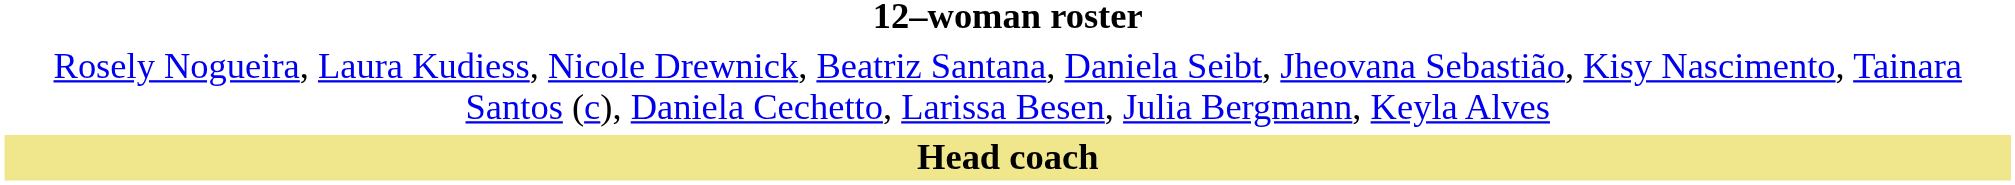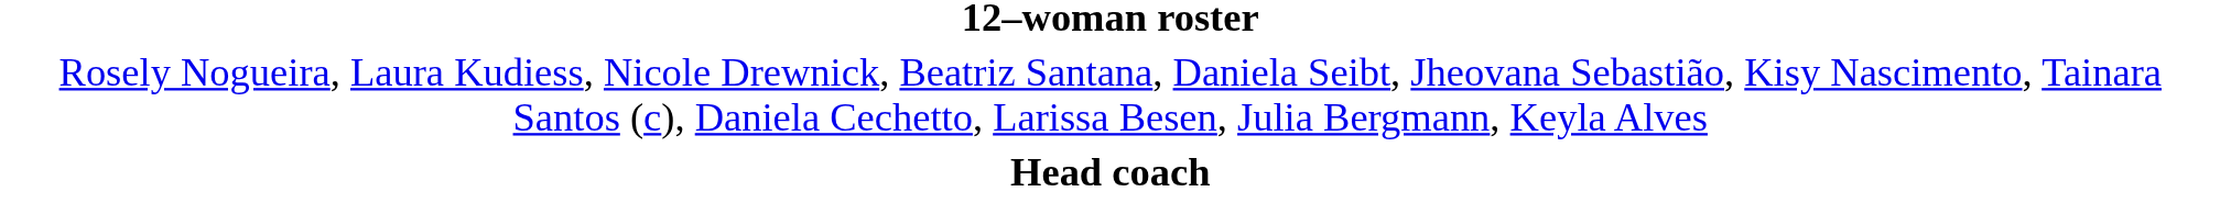 <table style="text-align:center; margin-top:2em; margin-left:auto; margin-right:auto">
 <tr>
 <td><strong>12–woman roster</strong></td>
 </tr>
 <tr>
 <td><a href='#'>Rosely Nogueira</a>, <a href='#'>Laura Kudiess</a>, <a href='#'>Nicole Drewnick</a>, <a href='#'>Beatriz Santana</a>, <a href='#'>Daniela Seibt</a>, <a href='#'>Jheovana Sebastião</a>, <a href='#'>Kisy Nascimento</a>, <a href='#'>Tainara Santos</a> (<a href='#'>c</a>), <a href='#'>Daniela Cechetto</a>, <a href='#'>Larissa Besen</a>, <a href='#'>Julia Bergmann</a>, <a href='#'>Keyla Alves</a></td>
 </tr>
 <tr>
-<td style="background: khaki;"><strong>Head coach</strong></td>
+<td><strong>Head coach</strong></td>
 </tr>
 <tr>
 <td></td>
 </tr>
 </table>
